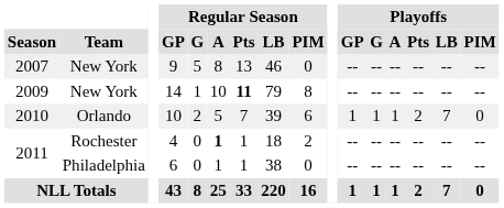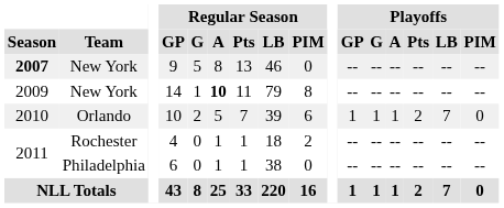 <table BORDER="0" CELLPADDING="3" CELLSPACING="0">
 <tr ALIGN="center" bgcolor="#e0e0e0">
 <th colspan="2" bgcolor="#ffffff"> </th>
 <th rowspan="99" bgcolor="#ffffff"> </th>
 <th colspan="6">Regular Season</th>
 <th rowspan="99" bgcolor="#ffffff"> </th>
 <th colspan="6">Playoffs</th>
 </tr>
 <tr ALIGN="center" bgcolor="#e0e0e0">
 <th>Season</th>
 <th>Team</th>
 <th>GP</th>
 <th>G</th>
 <th>A</th>
 <th>Pts</th>
 <th>LB</th>
 <th>PIM</th>
 <th>GP</th>
 <th>G</th>
 <th>A</th>
 <th>Pts</th>
 <th>LB</th>
 <th>PIM</th>
 </tr>
 <tr ALIGN="center" bgcolor="#f0f0f0">
-<td>2007</td>
+<td><strong>2007</strong></td>
 <td>New York</td>
 <td>9</td>
 <td>5</td>
 <td>8</td>
 <td>13</td>
 <td>46</td>
 <td>0</td>
 <td>--</td>
 <td>--</td>
 <td>--</td>
 <td>--</td>
 <td>--</td>
 <td>--</td>
 </tr>
 <tr ALIGN="center">
 <td>2009</td>
 <td>New York</td>
 <td>14</td>
 <td>1</td>
-<td>10</td>
-<td><strong>11</strong></td>
+<td><strong>10</strong></td>
+<td>11</td>
 <td>79</td>
 <td>8</td>
 <td>--</td>
 <td>--</td>
 <td>--</td>
 <td>--</td>
 <td>--</td>
 <td>--</td>
 </tr>
 <tr ALIGN="center" bgcolor="#f0f0f0">
 <td>2010</td>
 <td>Orlando</td>
 <td>10</td>
 <td>2</td>
 <td>5</td>
 <td>7</td>
 <td>39</td>
 <td>6</td>
 <td>1</td>
 <td>1</td>
 <td>1</td>
 <td>2</td>
 <td>7</td>
 <td>0</td>
 </tr>
 <tr ALIGN="center">
 <td rowspan="2">2011</td>
 <td>Rochester</td>
 <td>4</td>
 <td>0</td>
-<td><strong>1</strong></td>
+<td>1</td>
 <td>1</td>
 <td>18</td>
 <td>2</td>
 <td>--</td>
 <td>--</td>
 <td>--</td>
 <td>--</td>
 <td>--</td>
 <td>--</td>
 </tr>
 <tr ALIGN="center">
 <td>Philadelphia</td>
 <td>6</td>
 <td>0</td>
 <td>1</td>
 <td>1</td>
 <td>38</td>
 <td>0</td>
 <td>--</td>
 <td>--</td>
 <td>--</td>
 <td>--</td>
 <td>--</td>
 <td>--</td>
 </tr>
 <tr ALIGN="center" bgcolor="#e0e0e0">
 <th colspan="2">NLL Totals</th>
 <th>43</th>
 <th>8</th>
 <th>25</th>
 <th>33</th>
 <th>220</th>
 <th>16</th>
 <th>1</th>
 <th>1</th>
 <th>1</th>
 <th>2</th>
 <th>7</th>
 <th>0</th>
 </tr>
 </table>
